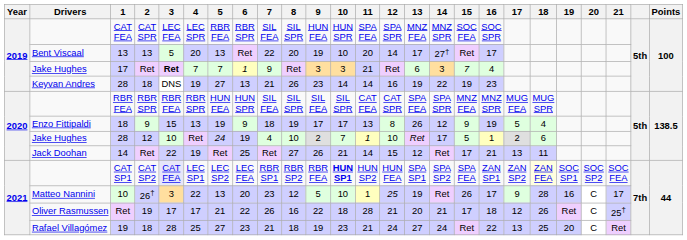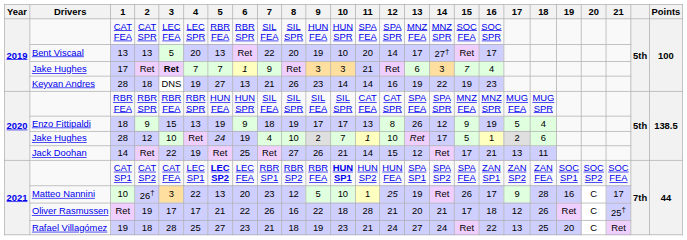 <table class="wikitable" style="text-align:center; font-size:85%;">
 <tr>
 <th>Year</th>
 <th>Drivers</th>
 <th>1</th>
 <th>2</th>
 <th>3</th>
 <th>4</th>
 <th>5</th>
 <th>6</th>
 <th>7</th>
 <th>8</th>
 <th>9</th>
 <th>10</th>
 <th>11</th>
 <th>12</th>
 <th>13</th>
 <th>14</th>
 <th>15</th>
 <th>16</th>
 <th>17</th>
 <th>18</th>
 <th>19</th>
 <th>20</th>
 <th>21</th>
 <th></th>
 <th>Points</th>
 </tr>
 <tr>
 <th rowspan=4><a href='#'>2019</a></th>
 <td></td>
 <td><a href='#'>CAT<br>FEA</a></td>
 <td><a href='#'>CAT<br>SPR</a></td>
 <td><a href='#'>LEC<br>FEA</a></td>
 <td><a href='#'>LEC<br>SPR</a></td>
 <td><a href='#'>RBR<br>FEA</a></td>
 <td><a href='#'>RBR<br>SPR</a></td>
 <td><a href='#'>SIL<br>FEA</a></td>
 <td><a href='#'>SIL<br>SPR</a></td>
 <td><a href='#'>HUN<br>FEA</a></td>
 <td><a href='#'>HUN<br>SPR</a></td>
 <td><a href='#'>SPA<br>FEA</a></td>
 <td><a href='#'>SPA<br>SPR</a></td>
 <td><a href='#'>MNZ<br>FEA</a></td>
 <td><a href='#'>MNZ<br>SPR</a></td>
 <td><a href='#'>SOC<br>FEA</a></td>
 <td><a href='#'>SOC<br>SPR</a></td>
 <td></td>
 <td></td>
 <td></td>
 <td></td>
 <td></td>
 <th rowspan=4>5th</th>
 <th rowspan=4>100</th>
 </tr>
 <tr>
 <td align=left> <a href='#'>Bent Viscaal</a></td>
 <td style="background:#CFCFFF;">13</td>
 <td style="background:#CFCFFF;">13</td>
 <td style="background:#DFFFDF;">5</td>
 <td style="background:#CFCFFF;">20</td>
 <td style="background:#CFCFFF;">13</td>
 <td style="background:#EFCFFF;">Ret</td>
 <td style="background:#CFCFFF;">22</td>
 <td style="background:#CFCFFF;">20</td>
 <td style="background:#CFCFFF;">19</td>
 <td style="background:#CFCFFF;">10</td>
 <td style="background:#CFCFFF;">20</td>
 <td style="background:#CFCFFF;">14</td>
 <td style="background:#CFCFFF;">17</td>
 <td style="background:#CFCFFF;">27<sup>†</sup></td>
 <td style="background:#EFCFFF;">Ret</td>
 <td style="background:#CFCFFF;">17</td>
 <td></td>
 <td></td>
 <td></td>
 <td></td>
 <td></td>
 </tr>
 <tr>
 <td align=left> <a href='#'>Jake Hughes</a></td>
 <td style="background:#CFCFFF;">17</td>
 <td style="background:#EFCFFF;">Ret</td>
 <td style="background:#EFCFFF;"><strong>Ret</strong></td>
 <td style="background:#DFFFDF;">7</td>
 <td style="background:#DFFFDF;">7</td>
 <td style="background:#FFFFBF;"><em>1</em></td>
 <td style="background:#DFFFDF;">9</td>
 <td style="background:#EFCFFF;">Ret</td>
 <td style="background:#FFDF9F;">3</td>
 <td style="background:#FFDF9F;">3</td>
 <td style="background:#CFCFFF;">21</td>
 <td style="background:#EFCFFF;">Ret</td>
 <td style="background:#DFFFDF;">6</td>
 <td style="background:#FFDF9F;">3</td>
 <td style="background:#DFFFDF;"><em>7</em></td>
 <td style="background:#DFFFDF;">4</td>
 <td></td>
 <td></td>
 <td></td>
 <td></td>
 <td></td>
 </tr>
 <tr>
 <td align=left> <a href='#'>Keyvan Andres</a></td>
 <td style="background:#CFCFFF;">28</td>
 <td style="background:#CFCFFF;">18</td>
 <td style="background:#FFFFFF;">DNS</td>
 <td style="background:#CFCFFF;">19</td>
 <td style="background:#CFCFFF;">27</td>
 <td style="background:#CFCFFF;">13</td>
 <td style="background:#CFCFFF;">21</td>
 <td style="background:#CFCFFF;">26</td>
 <td style="background:#CFCFFF;">23</td>
 <td style="background:#CFCFFF;">14</td>
 <td style="background:#CFCFFF;">14</td>
 <td style="background:#CFCFFF;">16</td>
 <td style="background:#CFCFFF;">19</td>
 <td style="background:#CFCFFF;">22</td>
 <td style="background:#CFCFFF;">19</td>
 <td style="background:#CFCFFF;">23</td>
 <td></td>
 <td></td>
 <td></td>
 <td></td>
 <td></td>
 </tr>
 <tr>
 <th rowspan=4><a href='#'>2020</a></th>
 <td></td>
 <td><a href='#'>RBR<br>FEA</a></td>
 <td><a href='#'>RBR<br>SPR</a></td>
 <td><a href='#'>RBR<br>FEA</a></td>
 <td><a href='#'>RBR<br>SPR</a></td>
 <td><a href='#'>HUN<br>FEA</a></td>
 <td><a href='#'>HUN<br>SPR</a></td>
 <td><a href='#'>SIL<br>FEA</a></td>
 <td><a href='#'>SIL<br>SPR</a></td>
 <td><a href='#'>SIL<br>FEA</a></td>
 <td><a href='#'>SIL<br>SPR</a></td>
 <td><a href='#'>CAT<br>FEA</a></td>
 <td><a href='#'>CAT<br>SPR</a></td>
 <td><a href='#'>SPA<br>FEA</a></td>
 <td><a href='#'>SPA<br>SPR</a></td>
 <td><a href='#'>MNZ<br>FEA</a></td>
 <td><a href='#'>MNZ<br>SPR</a></td>
 <td><a href='#'>MUG<br>FEA</a></td>
 <td><a href='#'>MUG<br>SPR</a></td>
 <td></td>
 <td></td>
 <td></td>
 <th rowspan=4>5th</th>
 <th rowspan=4>138.5</th>
 </tr>
 <tr>
 <td align=left> <a href='#'>Enzo Fittipaldi</a></td>
 <td style="background:#CFCFFF;">18</td>
 <td style="background:#DFFFDF;">9</td>
 <td style="background:#CFCFFF;">15</td>
 <td style="background:#CFCFFF;">13</td>
 <td style="background:#CFCFFF;">19</td>
 <td style="background:#DFFFDF;">9</td>
 <td style="background:#CFCFFF;">18</td>
 <td style="background:#CFCFFF;">19</td>
 <td style="background:#CFCFFF;">17</td>
 <td style="background:#CFCFFF;">17</td>
 <td style="background:#CFCFFF;">13</td>
 <td style="background:#DFFFDF;">8</td>
 <td style="background:#CFCFFF;">26</td>
 <td style="background:#CFCFFF;">12</td>
 <td style="background:#DFFFDF;">9</td>
 <td style="background:#CFCFFF;">19</td>
 <td style="background:#DFFFDF;">5</td>
 <td style="background:#DFFFDF;">4</td>
 <td></td>
 <td></td>
 <td></td>
 </tr>
 <tr>
 <td align=left> <a href='#'>Jake Hughes</a></td>
 <td style="background:#CFCFFF;">28</td>
 <td style="background:#CFCFFF;">12</td>
 <td style="background:#DFFFDF;">10</td>
 <td style="background:#EFCFFF;">Ret</td>
 <td style="background:#CFCFFF;"><em>24</em></td>
 <td style="background:#CFCFFF;">19</td>
 <td style="background:#DFFFDF;">4</td>
 <td style="background:#DFFFDF;">10</td>
 <td style="background:#DFDFDF;">2</td>
 <td style="background:#DFFFDF;">7</td>
 <td style="background:#FFFFBF;"><em>1</em></td>
 <td style="background:#DFFFDF;">10</td>
 <td style="background:#EFCFFF;"><em>Ret</em></td>
 <td style="background:#CFCFFF;">17</td>
 <td style="background:#DFFFDF;">5</td>
 <td style="background:#FFFFBF;">1</td>
 <td style="background:#DFDFDF;">2</td>
 <td style="background:#DFFFDF;">6</td>
 <td></td>
 <td></td>
 <td></td>
 </tr>
 <tr>
 <td align=left> <a href='#'>Jack Doohan</a></td>
 <td style="background:#CFCFFF;">14</td>
 <td style="background:#EFCFFF;">Ret</td>
 <td style="background:#CFCFFF;">22</td>
 <td style="background:#CFCFFF;">19</td>
 <td style="background:#EFCFFF;">Ret</td>
 <td style="background:#CFCFFF;">25</td>
 <td style="background:#EFCFFF;">Ret</td>
 <td style="background:#CFCFFF;">27</td>
 <td style="background:#CFCFFF;">26</td>
 <td style="background:#CFCFFF;">21</td>
 <td style="background:#CFCFFF;">14</td>
 <td style="background:#CFCFFF;">15</td>
 <td style="background:#CFCFFF;">12</td>
 <td style="background:#EFCFFF;">Ret</td>
 <td style="background:#CFCFFF;">17</td>
 <td style="background:#CFCFFF;">21</td>
 <td style="background:#CFCFFF;">13</td>
 <td style="background:#CFCFFF;">11</td>
 <td></td>
 <td></td>
 <td></td>
 </tr>
 <tr>
 <th rowspan=4><a href='#'>2021</a></th>
 <td></td>
 <td><a href='#'>CAT<br>SP1</a></td>
 <td><a href='#'>CAT<br>SP2</a></td>
-<td style="background: lavender;"><a href='#'>CAT<br>FEA</a></td>
+<td><a href='#'>CAT<br>FEA</a></td>
 <td><a href='#'>LEC<br>SP1</a></td>
-<td><a href='#'>LEC<br>SP2</a></td>
+<td><strong><a href='#'>LEC<br>SP2</a></strong></td>
 <td><a href='#'>LEC<br>FEA</a></td>
 <td><a href='#'>RBR<br>SP1</a></td>
 <td><a href='#'>RBR<br>SP2</a></td>
 <td><a href='#'>RBR<br>FEA</a></td>
 <td><strong><a href='#'>HUN<br>SP1</a></strong></td>
 <td><a href='#'>HUN<br>SP2</a></td>
 <td><a href='#'>HUN<br>FEA</a></td>
 <td><a href='#'>SPA<br>SP1</a></td>
 <td><a href='#'>SPA<br>SP2</a></td>
 <td><a href='#'>SPA<br>FEA</a></td>
 <td><a href='#'>ZAN<br>SP1</a></td>
 <td><a href='#'>ZAN<br>SP2</a></td>
-<td style="background: lightyellow;"><a href='#'>ZAN<br>FEA</a></td>
+<td><a href='#'>ZAN<br>FEA</a></td>
 <td><a href='#'>SOC<br>SP1</a></td>
 <td><a href='#'>SOC<br>SP2</a></td>
 <td><a href='#'>SOC<br>FEA</a></td>
 <th rowspan=4 style="background:">7th</th>
 <th rowspan=4 style="background:">44</th>
 </tr>
 <tr>
 <td align=left> <a href='#'>Matteo Nannini</a></td>
 <td style="background:#DFFFDF;">10</td>
 <td style="background:#CFCFFF;">26<sup>†</sup></td>
 <td style="background:#FFDF9F;">3</td>
 <td style="background:#CFCFFF;">22</td>
 <td style="background:#CFCFFF;">13</td>
 <td style="background:#CFCFFF;">20</td>
 <td style="background:#CFCFFF;">23</td>
 <td style="background:#CFCFFF;">12</td>
 <td style="background:#DFFFDF;">5</td>
 <td style="background:#DFFFDF;">10</td>
 <td style="background:#FFFFBF;">1</td>
 <td style="background:#CFCFFF;"><em>25</em></td>
 <td style="background:#CFCFFF;">19</td>
 <td style="background:#EFCFFF;">Ret</td>
 <td style="background:#CFCFFF;">26</td>
 <td style="background:#CFCFFF;">17</td>
 <td style="background:#DFFFDF;">9</td>
 <td style="background:#CFCFFF;">28</td>
 <td style="background:#CFCFFF;">16</td>
 <td style="background:#FFFFFF;">C</td>
 <td style="background:#CFCFFF;">17</td>
 </tr>
 <tr>
 <td align=left> <a href='#'>Oliver Rasmussen</a></td>
 <td style="background:#EFCFFF;">Ret</td>
 <td style="background:#CFCFFF;">19</td>
 <td style="background:#CFCFFF;">17</td>
 <td style="background:#CFCFFF;">17</td>
 <td style="background:#CFCFFF;">21</td>
 <td style="background:#CFCFFF;">22</td>
 <td style="background:#CFCFFF;">26</td>
 <td style="background:#CFCFFF;">16</td>
 <td style="background:#CFCFFF;">22</td>
 <td style="background:#CFCFFF;">18</td>
 <td style="background:#CFCFFF;">28</td>
 <td style="background:#CFCFFF;">21</td>
 <td style="background:#CFCFFF;">20</td>
 <td style="background:#CFCFFF;">21</td>
 <td style="background:#CFCFFF;">17</td>
 <td style="background:#CFCFFF;">18</td>
 <td style="background:#CFCFFF;">12</td>
 <td style="background:#CFCFFF;">26</td>
 <td style="background:#EFCFFF;">Ret</td>
 <td style="background:#FFFFFF;">C</td>
 <td style="background:#CFCFFF;">25<sup>†</sup></td>
 </tr>
 <tr>
 <td align=left> <a href='#'>Rafael Villagómez</a></td>
 <td style="background:#CFCFFF;">19</td>
 <td style="background:#CFCFFF;">18</td>
 <td style="background:#CFCFFF;">28</td>
 <td style="background:#CFCFFF;">25</td>
 <td style="background:#CFCFFF;">27</td>
 <td style="background:#CFCFFF;">23</td>
 <td style="background:#CFCFFF;">21</td>
 <td style="background:#CFCFFF;">18</td>
 <td style="background:#CFCFFF;">19</td>
 <td style="background:#CFCFFF;">23</td>
 <td style="background:#CFCFFF;">21</td>
 <td style="background:#CFCFFF;">24</td>
 <td style="background:#CFCFFF;">27</td>
 <td style="background:#CFCFFF;">24</td>
 <td style="background:#EFCFFF;">Ret</td>
 <td style="background:#CFCFFF;">22</td>
 <td style="background:#CFCFFF;">13</td>
 <td style="background:#CFCFFF;">25</td>
 <td style="background:#CFCFFF;">20</td>
 <td style="background:#FFFFFF;">C</td>
 <td style="background:#EFCFFF;">Ret</td>
 </tr>
 </table>
